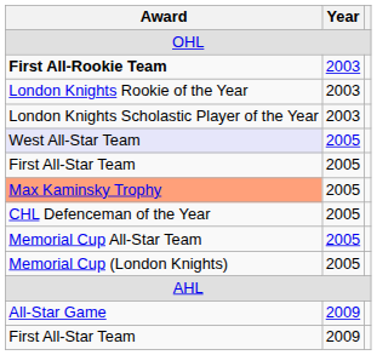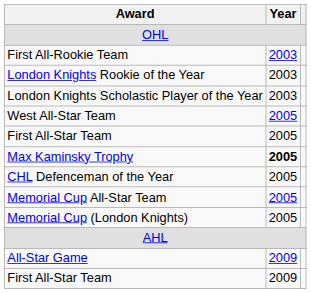 <table class="wikitable">
 <tr>
 <th>Award</th>
 <th>Year</th>
 <th></th>
 </tr>
 <tr ALIGN="center" bgcolor="#e0e0e0">
 <td colspan="3"><a href='#'>OHL</a></td>
 </tr>
 <tr>
-<td><strong>First All-Rookie Team</strong></td>
+<td>First All-Rookie Team</td>
 <td><a href='#'>2003</a></td>
 <td></td>
 </tr>
 <tr>
 <td><a href='#'>London Knights</a> Rookie of the Year</td>
 <td>2003</td>
 <td></td>
 </tr>
 <tr>
 <td>London Knights Scholastic Player of the Year</td>
 <td>2003</td>
 <td></td>
 </tr>
 <tr>
-<td style="background: lavender;">West All-Star Team</td>
+<td>West All-Star Team</td>
 <td><a href='#'>2005</a></td>
 <td></td>
 </tr>
 <tr>
 <td>First All-Star Team</td>
 <td>2005</td>
 <td></td>
 </tr>
 <tr>
-<td style="background: lightsalmon;"><a href='#'>Max Kaminsky Trophy</a></td>
-<td>2005</td>
+<td><a href='#'>Max Kaminsky Trophy</a></td>
+<td><strong>2005</strong></td>
 <td></td>
 </tr>
 <tr>
 <td><a href='#'>CHL</a> Defenceman of the Year</td>
 <td>2005</td>
 <td></td>
 </tr>
 <tr>
 <td><a href='#'>Memorial Cup</a> All-Star Team</td>
 <td><a href='#'>2005</a></td>
 <td></td>
 </tr>
 <tr>
 <td><a href='#'>Memorial Cup</a> (London Knights)</td>
 <td>2005</td>
 <td></td>
 </tr>
 <tr ALIGN="center" bgcolor="#e0e0e0">
 <td colspan="3"><a href='#'>AHL</a></td>
 </tr>
 <tr>
 <td><a href='#'>All-Star Game</a></td>
 <td><a href='#'>2009</a></td>
 <td></td>
 </tr>
 <tr>
 <td>First All-Star Team</td>
 <td>2009</td>
 <td></td>
 </tr>
 </table>
